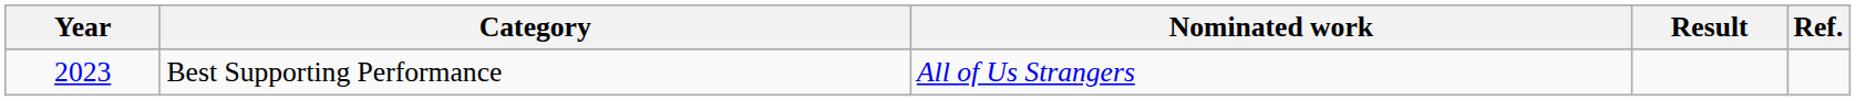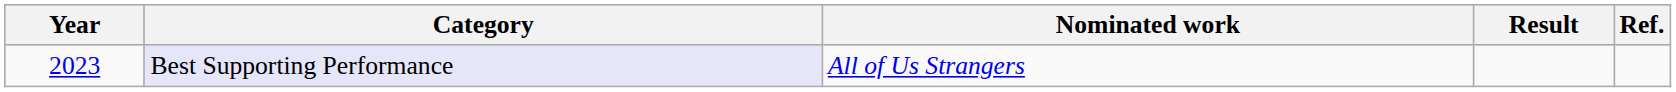 <table class=wikitable>
 <tr>
 <th scope="col" style="width:5em;">Year</th>
 <th scope="col" style="width:26em;">Category</th>
 <th scope="col" style="width:25em;">Nominated work</th>
 <th scope="col" style="width:5em;">Result</th>
 <th>Ref.</th>
 </tr>
 <tr>
 <td style="text-align:center;"><a href='#'>2023</a></td>
-<td>Best Supporting Performance</td>
+<td style="background: lavender;">Best Supporting Performance</td>
 <td><em><a href='#'>All of Us Strangers</a></em></td>
 <td></td>
 <td style="text-align:center;"></td>
 </tr>
 </table>
